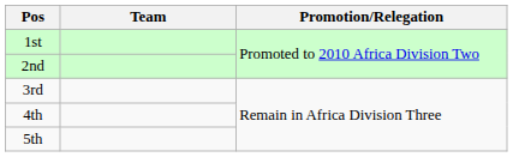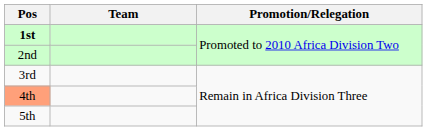 <table class="wikitable">
 <tr>
 <th width=50>Pos</th>
 <th width=175>Team</th>
 <th width=275>Promotion/Relegation</th>
 </tr>
 <tr style="background:#ccffcc">
-<td align="center">1st</td>
+<td align="center"><strong>1st</strong></td>
 <td></td>
 <td rowspan=2>Promoted to <a href='#'>2010 Africa Division Two</a></td>
 </tr>
 <tr style="background:#ccffcc">
 <td align="center">2nd</td>
 <td></td>
 </tr>
 <tr>
 <td align="center">3rd</td>
 <td></td>
 <td rowspan=3>Remain in Africa Division Three</td>
 </tr>
 <tr>
-<td align="center">4th</td>
+<td align="center" style="background: lightsalmon;">4th</td>
 <td></td>
 </tr>
 <tr>
 <td align="center">5th</td>
 <td></td>
 </tr>
 </table>
